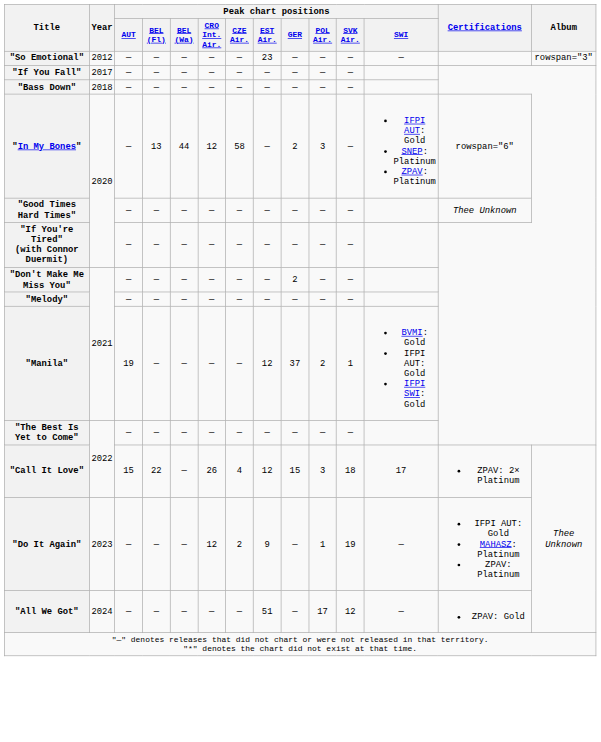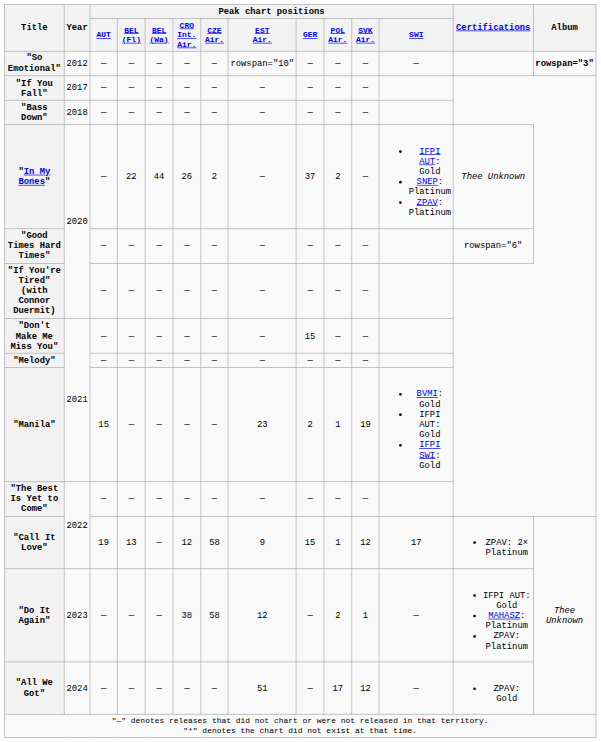 <table class="wikitable plainrowheaders" style="text-align:center;">
 <tr>
 <th rowspan="2" scope="col">Title</th>
 <th rowspan="2" scope="col">Year</th>
 <th colspan="10">Peak chart positions</th>
 <th rowspan="2"><a href='#'>Certifications</a></th>
 <th rowspan="2" scope="col">Album</th>
 </tr>
 <tr>
 <th scope="col" style="width:3em;font-size:90%;"><a href='#'>AUT</a><br></th>
 <th scope="col" style="width:3em;font-size:90%;"><a href='#'>BEL<br>(Fl)</a><br></th>
 <th scope="col" style="width:3em;font-size:90%;"><a href='#'>BEL<br>(Wa)</a><br></th>
 <th scope="col" style="width:3em;font-size:90%;"><a href='#'>CRO<br>Int.<br>Air.</a><br></th>
 <th scope="col" style="width:3em;font-size:90%;"><a href='#'>CZE<br>Air.</a><br></th>
 <th scope="col" style="width:3em;font-size:90%;"><a href='#'>EST<br>Air.</a><br></th>
 <th scope="col" style="width:3em;font-size:90%;"><a href='#'>GER</a><br></th>
 <th scope="col" style="width:3em;font-size:90%;"><a href='#'>POL<br>Air.</a><br></th>
 <th scope="col" style="width:3em;font-size:90%;"><a href='#'>SVK<br>Air.</a><br></th>
 <th scope="col" style="width:3em;font-size:90%;"><a href='#'>SWI</a><br></th>
 </tr>
 <tr>
 <th scope="row">"So Emotional"</th>
 <td>2012</td>
 <td>—</td>
 <td>—</td>
 <td>—</td>
 <td>—</td>
 <td>—</td>
-<td>23</td>
+<td>rowspan="10" </td>
 <td>—</td>
 <td>—</td>
 <td>—</td>
 <td>—</td>
 <td></td>
-<td>rowspan="3" </td>
+<td><strong>rowspan="3" </strong></td>
 </tr>
 <tr>
 <th scope="row">"If You Fall"</th>
 <td>2017</td>
 <td>—</td>
 <td>—</td>
 <td>—</td>
 <td>—</td>
 <td>—</td>
 <td>—</td>
 <td>—</td>
 <td>—</td>
 <td>—</td>
 <td></td>
 </tr>
 <tr>
 <th scope="row">"Bass Down"</th>
 <td>2018</td>
 <td>—</td>
 <td>—</td>
 <td>—</td>
 <td>—</td>
 <td>—</td>
 <td>—</td>
 <td>—</td>
 <td>—</td>
 <td>—</td>
 <td></td>
 </tr>
 <tr>
 <th scope="row">"<a href='#'>In My Bones</a>"</th>
 <td rowspan="3">2020</td>
 <td>—</td>
-<td>13</td>
+<td>22</td>
 <td>44</td>
-<td>12</td>
-<td>58</td>
+<td>26</td>
+<td>2</td>
 <td>—</td>
+<td>37</td>
 <td>2</td>
-<td>3</td>
 <td>—</td>
 <td><br><ul><li><a href='#'>IFPI AUT</a>: Gold</li><li><a href='#'>SNEP</a>: Platinum</li><li><a href='#'>ZPAV</a>: Platinum</li></ul></td>
-<td>rowspan="6" </td>
+<td><em>Thee Unknown</em></td>
 </tr>
 <tr>
 <th scope="row">"Good Times Hard Times"</th>
 <td>—</td>
 <td>—</td>
 <td>—</td>
 <td>—</td>
 <td>—</td>
 <td>—</td>
 <td>—</td>
 <td>—</td>
 <td>—</td>
 <td></td>
-<td><em>Thee Unknown</em></td>
+<td>rowspan="6" </td>
 </tr>
 <tr>
 <th scope="row">"If You're Tired"<br><span>(with Connor Duermit)</span></th>
 <td>—</td>
 <td>—</td>
 <td>—</td>
 <td>—</td>
 <td>—</td>
 <td>—</td>
 <td>—</td>
 <td>—</td>
 <td>—</td>
 <td></td>
 </tr>
 <tr>
 <th scope="row">"Don't Make Me Miss You"</th>
 <td rowspan="3">2021</td>
 <td>—</td>
 <td>—</td>
 <td>—</td>
 <td>—</td>
 <td>—</td>
 <td>—</td>
-<td>2</td>
+<td>15</td>
 <td>—</td>
 <td>—</td>
 <td></td>
 </tr>
 <tr>
 <th scope="row">"Melody"<br></th>
 <td>—</td>
 <td>—</td>
 <td>—</td>
 <td>—</td>
 <td>—</td>
 <td>—</td>
 <td>—</td>
 <td>—</td>
 <td>—</td>
 <td></td>
 </tr>
 <tr>
 <th scope="row">"Manila"<br></th>
-<td>19</td>
+<td>15</td>
 <td>—</td>
 <td>—</td>
 <td>—</td>
 <td>—</td>
-<td>12</td>
-<td>37</td>
+<td>23</td>
 <td>2</td>
 <td>1</td>
+<td>19</td>
 <td><br><ul><li><a href='#'>BVMI</a>: Gold</li><li>IFPI AUT: Gold</li><li><a href='#'>IFPI SWI</a>: Gold</li></ul></td>
 </tr>
 <tr>
 <th scope="row">"The Best Is Yet to Come"</th>
 <td rowspan="2">2022</td>
 <td>—</td>
 <td>—</td>
 <td>—</td>
 <td>—</td>
 <td>—</td>
 <td>—</td>
 <td>—</td>
 <td>—</td>
 <td>—</td>
 <td></td>
 </tr>
 <tr>
 <th scope="row">"Call It Love"<br></th>
+<td>19</td>
+<td>13</td>
+<td>—</td>
+<td>12</td>
+<td>58</td>
+<td>9</td>
 <td>15</td>
-<td>22</td>
-<td>—</td>
-<td>26</td>
-<td>4</td>
+<td>1</td>
 <td>12</td>
-<td>15</td>
-<td>3</td>
-<td>18</td>
 <td>17</td>
 <td><br><ul><li>ZPAV: 2× Platinum</li></ul></td>
 <td rowspan="3"><em>Thee Unknown</em></td>
 </tr>
 <tr>
 <th scope="row">"Do It Again"</th>
 <td>2023</td>
 <td>—</td>
 <td>—</td>
 <td>—</td>
+<td>38</td>
+<td>58</td>
 <td>12</td>
+<td>—</td>
 <td>2</td>
-<td>9</td>
-<td>—</td>
 <td>1</td>
-<td>19</td>
 <td>—</td>
 <td><br><ul><li>IFPI AUT: Gold</li><li><a href='#'>MAHASZ</a>: Platinum</li><li>ZPAV: Platinum</li></ul></td>
 </tr>
 <tr>
 <th scope="row">"All We Got"</th>
 <td>2024</td>
 <td>—</td>
 <td>—</td>
 <td>—</td>
 <td>—</td>
 <td>—</td>
 <td>51</td>
 <td>—</td>
 <td>17</td>
 <td>12</td>
 <td>—</td>
 <td><br><ul><li>ZPAV: Gold</li></ul></td>
 </tr>
 <tr>
 <td colspan="14" style="font-size:90%">"—" denotes releases that did not chart or were not released in that territory.<br>"*" denotes the chart did not exist at that time.</td>
 </tr>
 </table>
